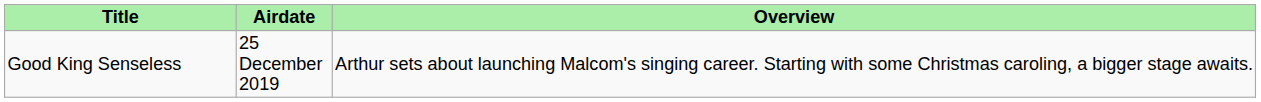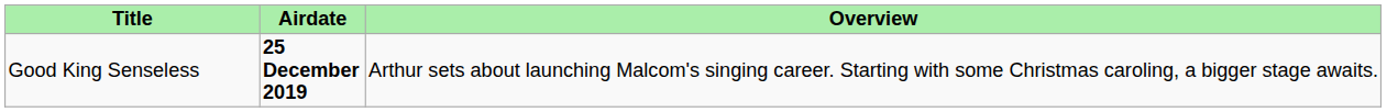 <table border="2" cellpadding="2" cellspacing="0" style="margin: 0 1em 0 0; background: #f9f9f9; border: 1px #aaa solid; border-collapse: collapse; font-size: 100%;">
 <tr style="background:#aaeeaa">
 <th width="200px">Title</th>
 <th width="80px">Airdate</th>
 <th>Overview</th>
 </tr>
 <tr>
 <td>Good King Senseless</td>
-<td>25 December 2019</td>
+<td><strong>25 December 2019</strong></td>
 <td>Arthur sets about launching Malcom's singing career. Starting with some Christmas caroling, a bigger stage awaits.</td>
 </tr>
 </table>
